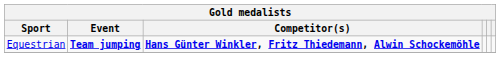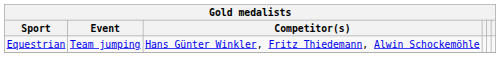 <table class="wikitable">
 <tr>
 <th colspan="6">Gold medalists</th>
 </tr>
 <tr>
 <th>Sport</th>
 <th>Event</th>
 <th>Competitor(s)</th>
 <th></th>
 <th></th>
 <th></th>
 </tr>
 <tr>
 <td><a href='#'>Equestrian</a></td>
-<td><strong><a href='#'>Team jumping</a></strong></td>
-<td><strong><a href='#'>Hans Günter Winkler</a>, <a href='#'>Fritz Thiedemann</a>, <a href='#'>Alwin Schockemöhle</a></strong></td>
+<td><a href='#'>Team jumping</a></td>
+<td><a href='#'>Hans Günter Winkler</a>, <a href='#'>Fritz Thiedemann</a>, <a href='#'>Alwin Schockemöhle</a></td>
 <td></td>
 <td></td>
 <td></td>
 </tr>
 <tr>
 </tr>
 </table>
